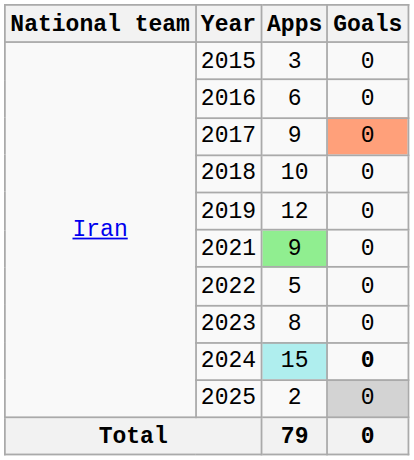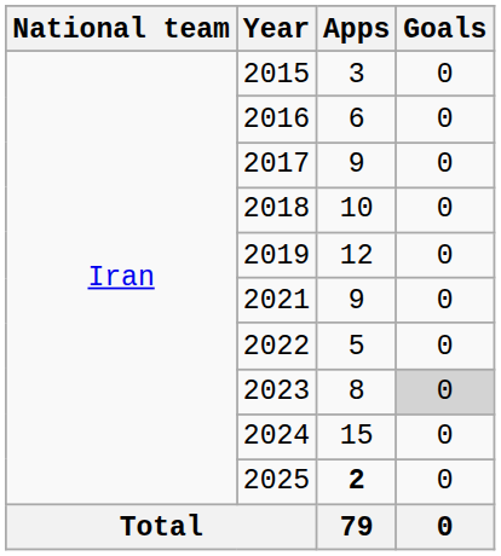 <table class="wikitable" style="text-align:center">
 <tr>
 <th>National team</th>
 <th>Year</th>
 <th>Apps</th>
 <th>Goals</th>
 </tr>
 <tr>
 <td rowspan="10"><a href='#'>Iran</a></td>
 <td>2015</td>
 <td>3</td>
 <td>0</td>
 </tr>
 <tr>
 <td>2016</td>
 <td>6</td>
 <td>0</td>
 </tr>
 <tr>
 <td>2017</td>
 <td>9</td>
-<td style="background: lightsalmon;">0</td>
+<td>0</td>
 </tr>
 <tr>
 <td>2018</td>
 <td>10</td>
 <td>0</td>
 </tr>
 <tr>
 <td>2019</td>
 <td>12</td>
 <td>0</td>
 </tr>
 <tr>
 <td>2021</td>
-<td style="background: lightgreen;">9</td>
+<td>9</td>
 <td>0</td>
 </tr>
 <tr>
 <td>2022</td>
 <td>5</td>
 <td>0</td>
 </tr>
 <tr>
 <td>2023</td>
 <td>8</td>
+<td style="background: lightgrey;">0</td>
+</tr>
+<tr>
+<td>2024</td>
+<td>15</td>
 <td>0</td>
 </tr>
 <tr>
-<td>2024</td>
-<td style="background: paleturquoise;">15</td>
-<td><strong>0</strong></td>
-</tr>
-<tr>
 <td>2025</td>
-<td>2</td>
-<td style="background: lightgrey;">0</td>
+<td><strong>2</strong></td>
+<td>0</td>
 </tr>
 <tr>
 <th colspan="2">Total</th>
 <th>79</th>
 <th>0</th>
 </tr>
 </table>
